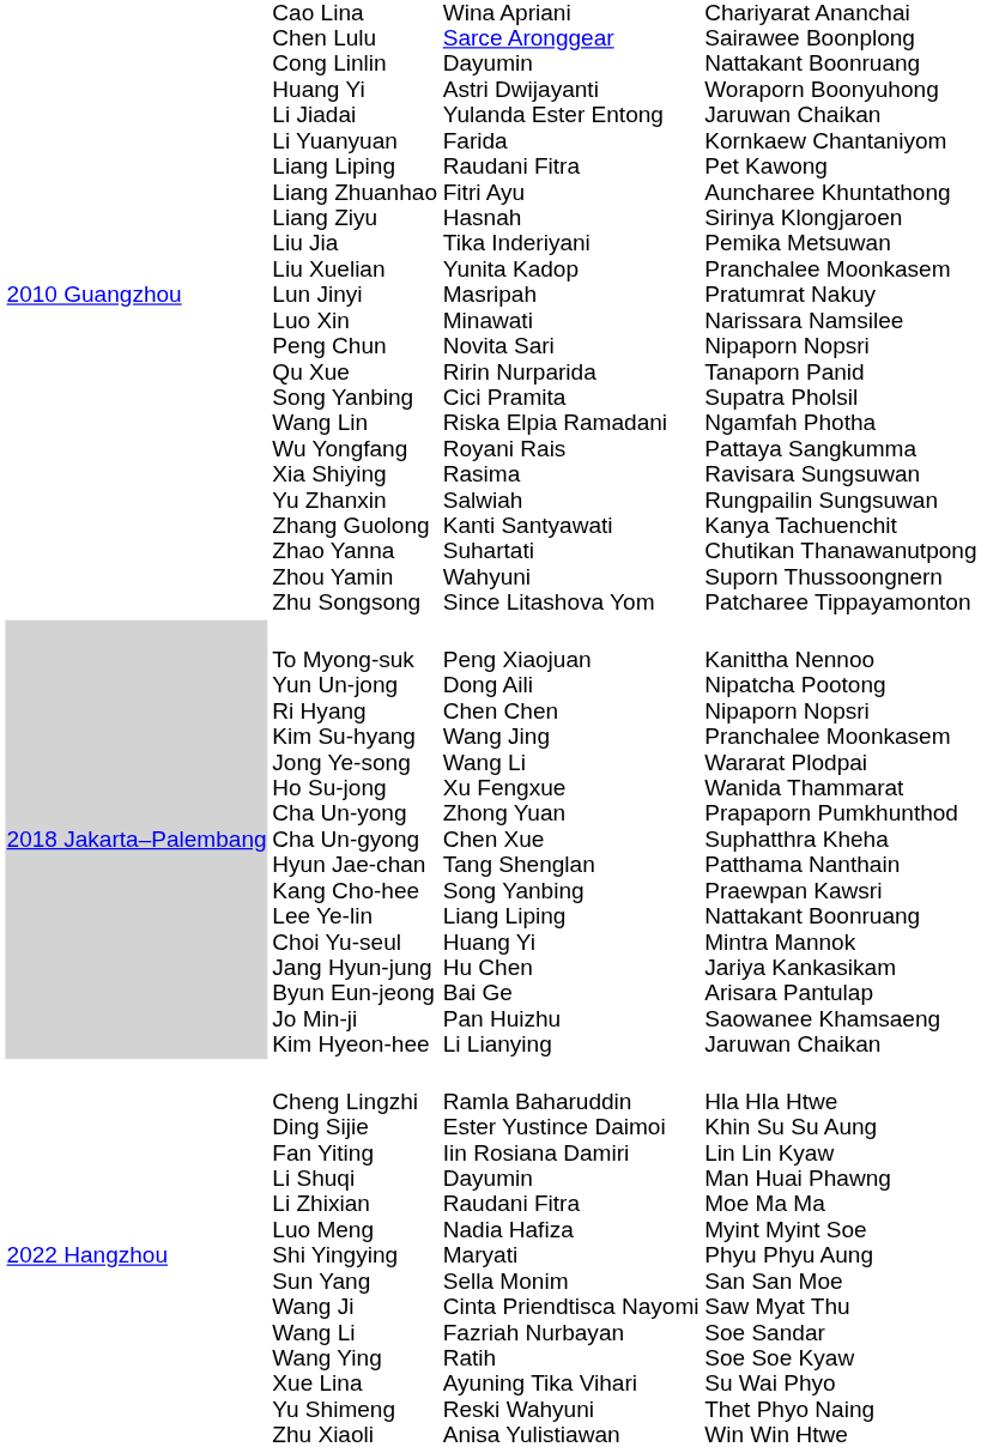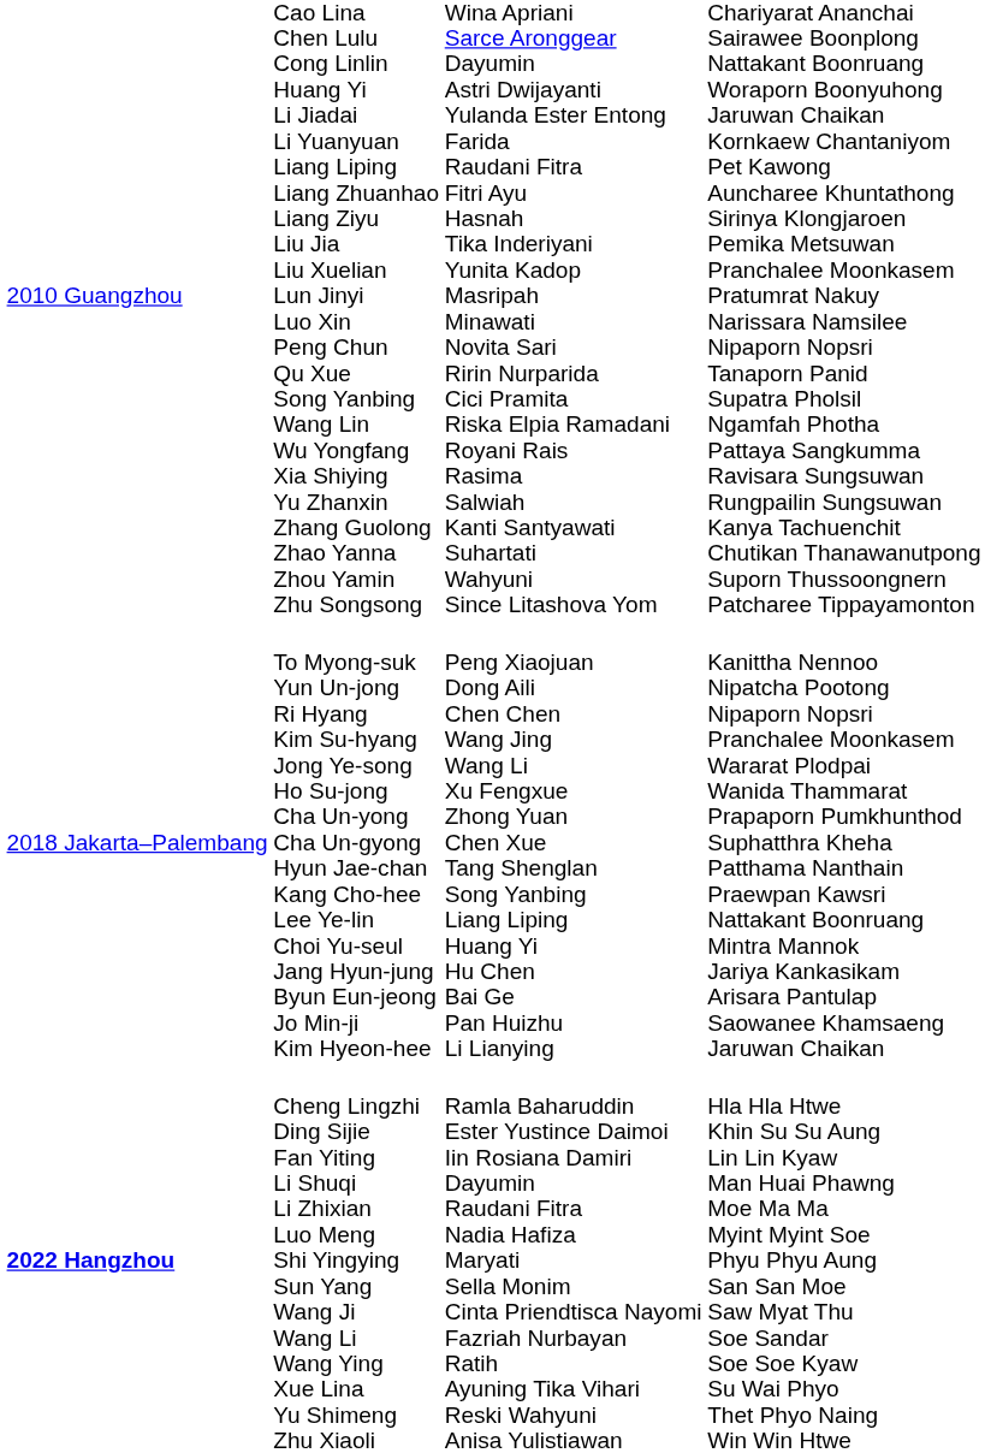 <table>
 <tr>
 <td><a href='#'>2010 Guangzhou</a></td>
 <td><br>Cao Lina<br>Chen Lulu<br>Cong Linlin<br>Huang Yi<br>Li Jiadai<br>Li Yuanyuan<br>Liang Liping<br>Liang Zhuanhao<br>Liang Ziyu<br>Liu Jia<br>Liu Xuelian<br>Lun Jinyi<br>Luo Xin<br>Peng Chun<br>Qu Xue<br>Song Yanbing<br>Wang Lin<br>Wu Yongfang<br>Xia Shiying<br>Yu Zhanxin<br>Zhang Guolong<br>Zhao Yanna<br>Zhou Yamin<br>Zhu Songsong</td>
 <td><br>Wina Apriani<br><a href='#'>Sarce Aronggear</a><br>Dayumin<br>Astri Dwijayanti<br>Yulanda Ester Entong<br>Farida<br>Raudani Fitra<br>Fitri Ayu<br>Hasnah<br>Tika Inderiyani<br>Yunita Kadop<br>Masripah<br>Minawati<br>Novita Sari<br>Ririn Nurparida<br>Cici Pramita<br>Riska Elpia Ramadani<br>Royani Rais<br>Rasima<br>Salwiah<br>Kanti Santyawati<br>Suhartati<br>Wahyuni<br>Since Litashova Yom</td>
 <td><br>Chariyarat Ananchai<br>Sairawee Boonplong<br>Nattakant Boonruang<br>Woraporn Boonyuhong<br>Jaruwan Chaikan<br>Kornkaew Chantaniyom<br>Pet Kawong<br>Auncharee Khuntathong<br>Sirinya Klongjaroen<br>Pemika Metsuwan<br>Pranchalee Moonkasem<br>Pratumrat Nakuy<br>Narissara Namsilee<br>Nipaporn Nopsri<br>Tanaporn Panid<br>Supatra Pholsil<br>Ngamfah Photha<br>Pattaya Sangkumma<br>Ravisara Sungsuwan<br>Rungpailin Sungsuwan<br>Kanya Tachuenchit<br>Chutikan Thanawanutpong<br>Suporn Thussoongnern<br>Patcharee Tippayamonton</td>
 </tr>
 <tr>
-<td style="background: lightgrey;"><a href='#'>2018 Jakarta–Palembang</a></td>
+<td><a href='#'>2018 Jakarta–Palembang</a></td>
 <td><br>To Myong-suk<br>Yun Un-jong<br>Ri Hyang<br>Kim Su-hyang<br>Jong Ye-song<br>Ho Su-jong<br>Cha Un-yong<br>Cha Un-gyong<br>Hyun Jae-chan<br>Kang Cho-hee<br>Lee Ye-lin<br>Choi Yu-seul<br>Jang Hyun-jung<br>Byun Eun-jeong<br>Jo Min-ji<br>Kim Hyeon-hee</td>
 <td><br>Peng Xiaojuan<br>Dong Aili<br>Chen Chen<br>Wang Jing<br>Wang Li<br>Xu Fengxue<br>Zhong Yuan<br>Chen Xue<br>Tang Shenglan<br>Song Yanbing<br>Liang Liping<br>Huang Yi<br>Hu Chen<br>Bai Ge<br>Pan Huizhu<br>Li Lianying</td>
 <td><br>Kanittha Nennoo<br>Nipatcha Pootong<br>Nipaporn Nopsri<br>Pranchalee Moonkasem<br>Wararat Plodpai<br>Wanida Thammarat<br>Prapaporn Pumkhunthod<br>Suphatthra Kheha<br>Patthama Nanthain<br>Praewpan Kawsri<br>Nattakant Boonruang<br>Mintra Mannok<br>Jariya Kankasikam<br>Arisara Pantulap<br>Saowanee Khamsaeng<br>Jaruwan Chaikan</td>
 </tr>
 <tr>
-<td><a href='#'>2022 Hangzhou</a></td>
+<td><strong><a href='#'>2022 Hangzhou</a></strong></td>
 <td><br>Cheng Lingzhi<br>Ding Sijie<br>Fan Yiting<br>Li Shuqi<br>Li Zhixian<br>Luo Meng<br>Shi Yingying<br>Sun Yang<br>Wang Ji<br>Wang Li<br>Wang Ying<br>Xue Lina<br>Yu Shimeng<br>Zhu Xiaoli</td>
 <td><br>Ramla Baharuddin<br>Ester Yustince Daimoi<br>Iin Rosiana Damiri<br>Dayumin<br>Raudani Fitra<br>Nadia Hafiza<br>Maryati<br>Sella Monim<br>Cinta Priendtisca Nayomi<br>Fazriah Nurbayan<br>Ratih<br>Ayuning Tika Vihari<br>Reski Wahyuni<br>Anisa Yulistiawan</td>
 <td><br>Hla Hla Htwe<br>Khin Su Su Aung<br>Lin Lin Kyaw<br>Man Huai Phawng<br>Moe Ma Ma<br>Myint Myint Soe<br>Phyu Phyu Aung<br>San San Moe<br>Saw Myat Thu<br>Soe Sandar<br>Soe Soe Kyaw<br>Su Wai Phyo<br>Thet Phyo Naing<br>Win Win Htwe</td>
 </tr>
 </table>
